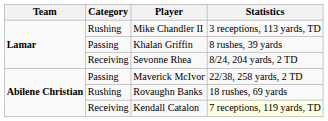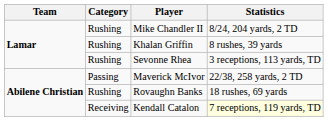 <table class="wikitable" style="float: left;">
 <tr>
 <th>Team</th>
 <th>Category</th>
 <th>Player</th>
 <th>Statistics</th>
 </tr>
 <tr>
 <td rowspan=3><strong>Lamar</strong></td>
 <td>Rushing</td>
 <td>Mike Chandler II</td>
-<td>3 receptions, 113 yards, TD</td>
+<td>8/24, 204 yards, 2 TD</td>
 </tr>
 <tr>
-<td>Passing</td>
+<td>Rushing</td>
 <td>Khalan Griffin</td>
 <td>8 rushes, 39 yards</td>
 </tr>
 <tr>
-<td>Receiving</td>
+<td>Rushing</td>
 <td>Sevonne Rhea</td>
-<td>8/24, 204 yards, 2 TD</td>
+<td>3 receptions, 113 yards, TD</td>
 </tr>
 <tr>
 <td rowspan=3><strong>Abilene Christian</strong></td>
 <td>Passing</td>
 <td>Maverick McIvor</td>
 <td>22/38, 258 yards, 2 TD</td>
 </tr>
 <tr>
 <td>Rushing</td>
 <td>Rovaughn Banks</td>
 <td>18 rushes, 69 yards</td>
 </tr>
 <tr>
 <td>Receiving</td>
 <td>Kendall Catalon</td>
 <td style="background: lightyellow;">7 receptions, 119 yards, TD</td>
 </tr>
 </table>
